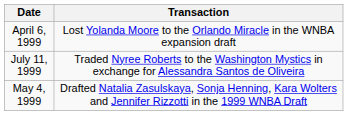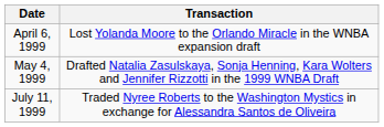 <table class="wikitable" style="width:80%; text-align: center;">
 <tr>
 <th>Date</th>
 <th>Transaction</th>
 </tr>
 <tr>
 <td>April 6, 1999</td>
 <td>Lost <a href='#'>Yolanda Moore</a> to the <a href='#'>Orlando Miracle</a> in the WNBA expansion draft</td>
 </tr>
 <tr>
+<td>May 4, 1999</td>
+<td>Drafted <a href='#'>Natalia Zasulskaya</a>, <a href='#'>Sonja Henning</a>, <a href='#'>Kara Wolters</a> and <a href='#'>Jennifer Rizzotti</a> in the <a href='#'>1999 WNBA Draft</a></td>
+</tr>
+<tr>
 <td>July 11, 1999</td>
 <td>Traded <a href='#'>Nyree Roberts</a> to the <a href='#'>Washington Mystics</a> in exchange for <a href='#'>Alessandra Santos de Oliveira</a></td>
 </tr>
-<tr>
-<td>May 4, 1999</td>
-<td>Drafted <a href='#'>Natalia Zasulskaya</a>, <a href='#'>Sonja Henning</a>, <a href='#'>Kara Wolters</a> and <a href='#'>Jennifer Rizzotti</a> in the <a href='#'>1999 WNBA Draft</a></td>
-</tr>
 </table>
